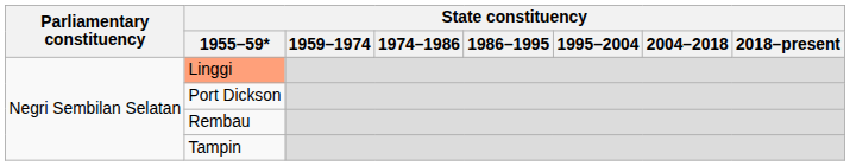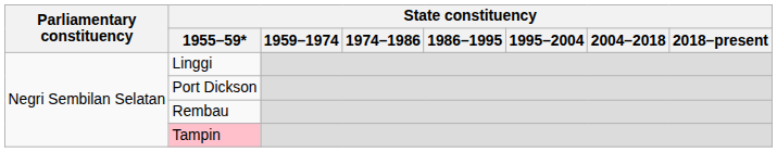 <table class="wikitable">
 <tr>
 <th rowspan="2">Parliamentary<br>constituency</th>
 <th colspan="7">State constituency</th>
 </tr>
 <tr>
 <th>1955–59*</th>
 <th>1959–1974</th>
 <th>1974–1986</th>
 <th>1986–1995</th>
 <th>1995–2004</th>
 <th>2004–2018</th>
 <th>2018–present</th>
 </tr>
 <tr>
 <td rowspan="4">Negri Sembilan Selatan</td>
-<td style="background: lightsalmon;">Linggi</td>
+<td>Linggi</td>
 <td colspan="6" bgcolor="dcdcdc"></td>
 </tr>
 <tr>
 <td>Port Dickson</td>
 <td colspan="6" bgcolor="dcdcdc"></td>
 </tr>
 <tr>
 <td>Rembau</td>
 <td colspan="6" bgcolor="dcdcdc"></td>
 </tr>
 <tr>
-<td>Tampin</td>
+<td style="background: pink;">Tampin</td>
 <td colspan="6" bgcolor="dcdcdc"></td>
 </tr>
 </table>
